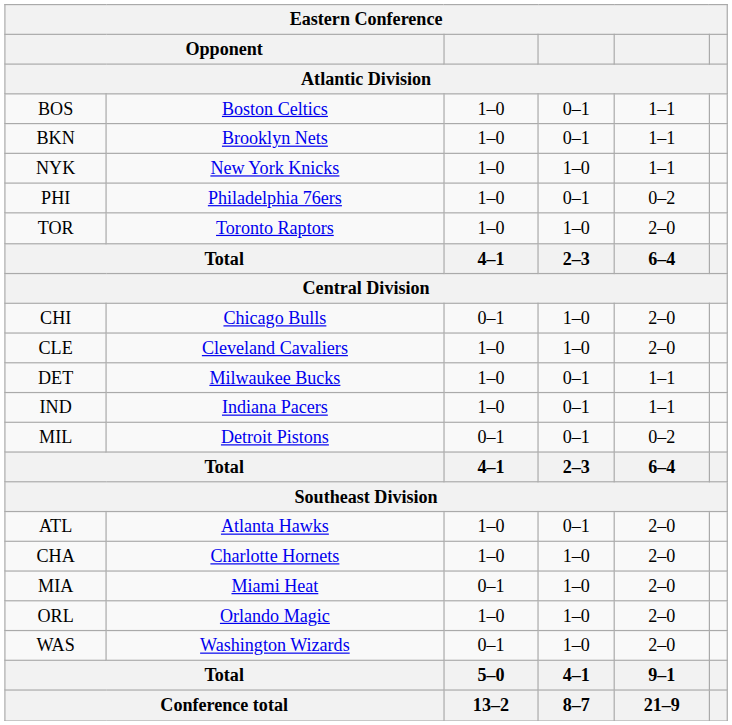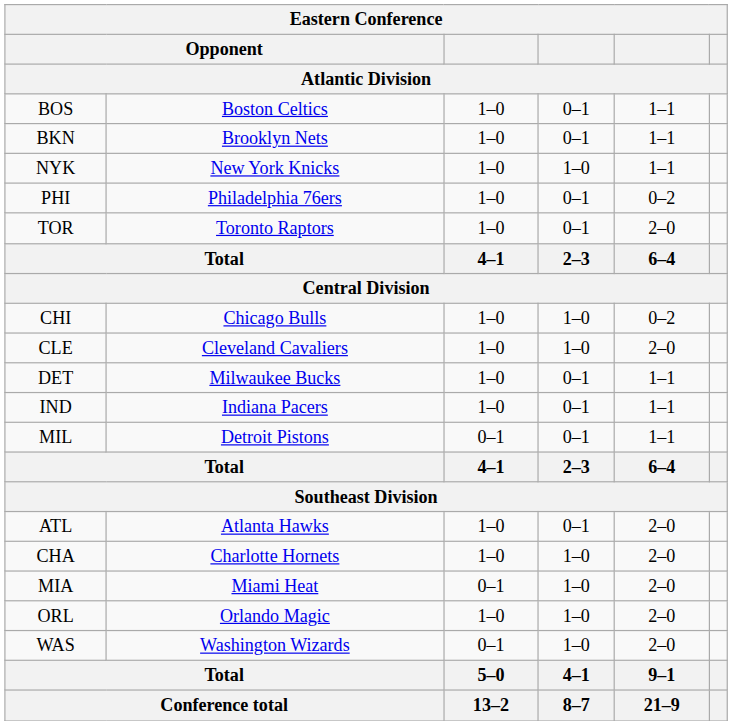 <table class="wikitable" style="margin:1em auto; font-size:95%; text-align:center; width:40em;">
 <tr>
 <th colspan="6">Eastern Conference</th>
 </tr>
 <tr>
 <th colspan="2">Opponent</th>
 <th></th>
 <th></th>
 <th></th>
 <th></th>
 </tr>
 <tr>
 <th colspan="6">Atlantic Division</th>
 </tr>
 <tr>
 <td>BOS</td>
 <td><a href='#'>Boston Celtics</a></td>
 <td>1–0</td>
 <td>0–1</td>
 <td>1–1</td>
 <td></td>
 </tr>
 <tr>
 <td>BKN</td>
 <td><a href='#'>Brooklyn Nets</a></td>
 <td>1–0</td>
 <td>0–1</td>
 <td>1–1</td>
 <td></td>
 </tr>
 <tr>
 <td>NYK</td>
 <td><a href='#'>New York Knicks</a></td>
 <td>1–0</td>
 <td>1–0</td>
 <td>1–1</td>
 <td></td>
 </tr>
 <tr>
 <td>PHI</td>
 <td><a href='#'>Philadelphia 76ers</a></td>
 <td>1–0</td>
 <td>0–1</td>
 <td>0–2</td>
 <td></td>
 </tr>
 <tr>
 <td>TOR</td>
 <td><a href='#'>Toronto Raptors</a></td>
 <td>1–0</td>
-<td>1–0</td>
+<td>0–1</td>
 <td>2–0</td>
 <td></td>
 </tr>
 <tr>
 <th colspan="2">Total</th>
 <th>4–1</th>
 <th>2–3</th>
 <th>6–4</th>
 <th></th>
 </tr>
 <tr>
 <th colspan="6">Central Division</th>
 </tr>
 <tr>
 <td>CHI</td>
 <td><a href='#'>Chicago Bulls</a></td>
-<td>0–1</td>
 <td>1–0</td>
-<td>2–0</td>
+<td>1–0</td>
+<td>0–2</td>
 <td></td>
 </tr>
 <tr>
 <td>CLE</td>
 <td><a href='#'>Cleveland Cavaliers</a></td>
 <td>1–0</td>
 <td>1–0</td>
 <td>2–0</td>
 <td></td>
 </tr>
 <tr>
 <td>DET</td>
 <td><a href='#'>Milwaukee Bucks</a></td>
 <td>1–0</td>
 <td>0–1</td>
 <td>1–1</td>
 <td></td>
 </tr>
 <tr>
 <td>IND</td>
 <td><a href='#'>Indiana Pacers</a></td>
 <td>1–0</td>
 <td>0–1</td>
 <td>1–1</td>
 <td></td>
 </tr>
 <tr>
 <td>MIL</td>
 <td><a href='#'>Detroit Pistons</a></td>
 <td>0–1</td>
 <td>0–1</td>
-<td>0–2</td>
+<td>1–1</td>
 <td></td>
 </tr>
 <tr>
 <th colspan="2">Total</th>
 <th>4–1</th>
 <th>2–3</th>
 <th>6–4</th>
 <th></th>
 </tr>
 <tr>
 <th colspan="6">Southeast Division</th>
 </tr>
 <tr>
 <td>ATL</td>
 <td><a href='#'>Atlanta Hawks</a></td>
 <td>1–0</td>
 <td>0–1</td>
 <td>2–0</td>
 <td></td>
 </tr>
 <tr>
 <td>CHA</td>
 <td><a href='#'>Charlotte Hornets</a></td>
 <td>1–0</td>
 <td>1–0</td>
 <td>2–0</td>
 <td></td>
 </tr>
 <tr>
 <td>MIA</td>
 <td><a href='#'>Miami Heat</a></td>
 <td>0–1</td>
 <td>1–0</td>
 <td>2–0</td>
 <td></td>
 </tr>
 <tr>
 <td>ORL</td>
 <td><a href='#'>Orlando Magic</a></td>
 <td>1–0</td>
 <td>1–0</td>
 <td>2–0</td>
 <td></td>
 </tr>
 <tr>
 <td>WAS</td>
 <td><a href='#'>Washington Wizards</a></td>
 <td>0–1</td>
 <td>1–0</td>
 <td>2–0</td>
 <td></td>
 </tr>
 <tr>
 <th colspan="2">Total</th>
 <th>5–0</th>
 <th>4–1</th>
 <th>9–1</th>
 <th></th>
 </tr>
 <tr>
 <th colspan="2">Conference total</th>
 <th>13–2</th>
 <th>8–7</th>
 <th>21–9</th>
 <th></th>
 </tr>
 </table>
